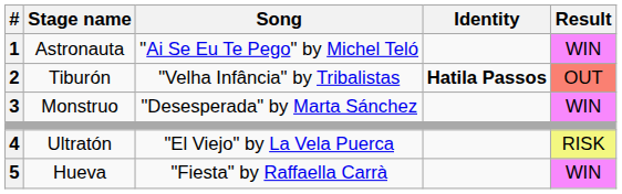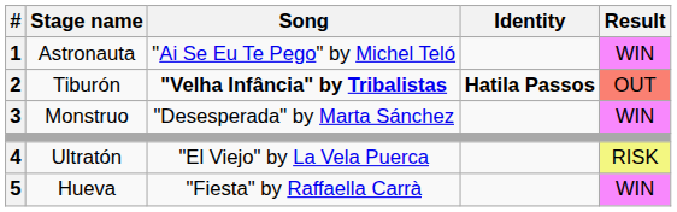 <table class="wikitable plainrowheaders" style="text-align: center;">
 <tr>
 <th>#</th>
 <th>Stage name</th>
 <th>Song</th>
 <th>Identity</th>
 <th>Result</th>
 </tr>
 <tr>
 <th><strong>1</strong></th>
 <td>Astronauta</td>
 <td>"<a href='#'>Ai Se Eu Te Pego</a>" by <a href='#'>Michel Teló</a></td>
 <td></td>
 <td bgcolor="#F888FD">WIN</td>
 </tr>
 <tr>
 <th><strong>2</strong></th>
 <td>Tiburón</td>
-<td>"Velha Infância" by <a href='#'>Tribalistas</a></td>
+<td><strong>"Velha Infância" by <a href='#'>Tribalistas</a></strong></td>
 <td><strong>Hatila Passos</strong></td>
 <td bgcolor="salmon">OUT</td>
 </tr>
 <tr>
 <th><strong>3</strong></th>
 <td>Monstruo</td>
 <td>"Desesperada" by <a href='#'>Marta Sánchez</a></td>
 <td></td>
 <td bgcolor="#F888FD">WIN</td>
 </tr>
 <tr>
 <td colspan="5" style="background:darkgray"></td>
 </tr>
 <tr>
 <th><strong>4</strong></th>
 <td>Ultratón</td>
 <td>"El Viejo" by <a href='#'>La Vela Puerca</a></td>
 <td></td>
 <td bgcolor="#F3F781">RISK</td>
 </tr>
 <tr>
 <th><strong>5</strong></th>
 <td>Hueva</td>
 <td>"Fiesta" by <a href='#'>Raffaella Carrà</a></td>
 <td></td>
 <td bgcolor="#F888FD">WIN</td>
 </tr>
 </table>
